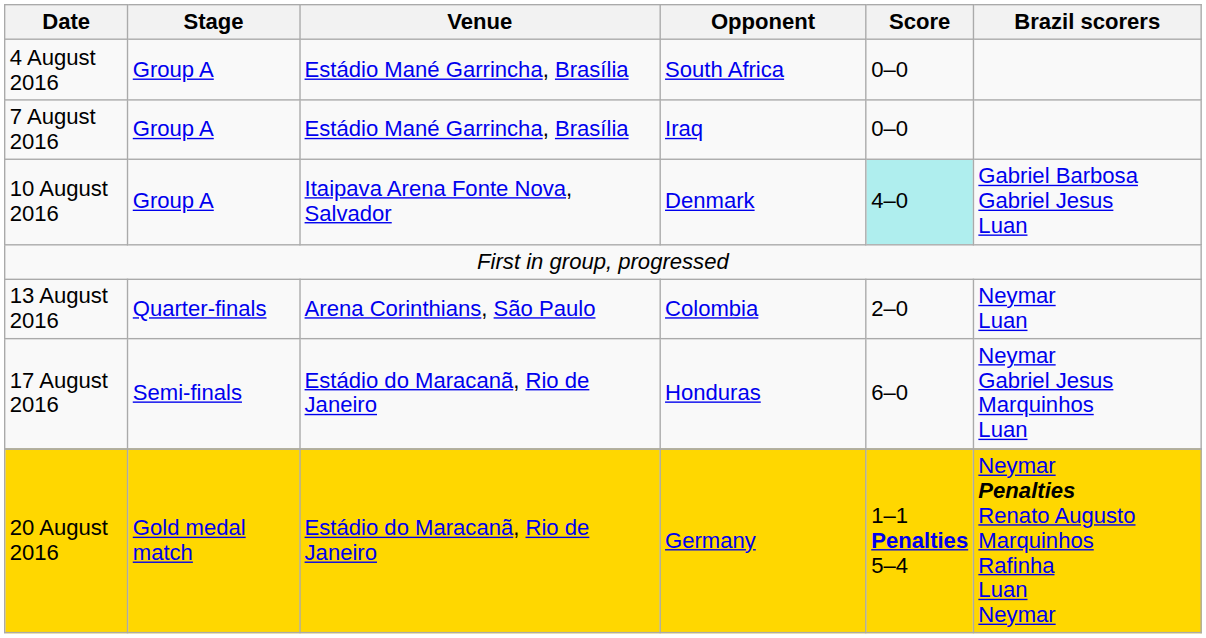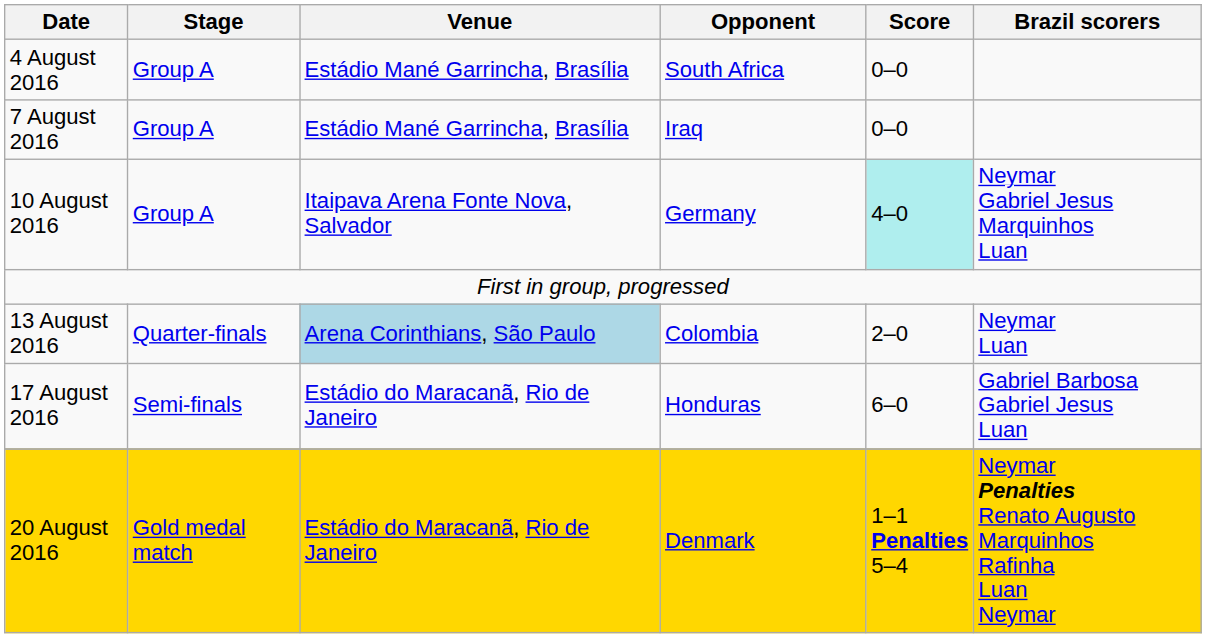 <table class="wikitable">
 <tr>
 <th width=100px>Date</th>
 <th width=150px>Stage</th>
 <th width=350px>Venue</th>
 <th width=180px>Opponent</th>
 <th width=70px>Score</th>
 <th width=200px>Brazil scorers</th>
 </tr>
 <tr>
 <td>4 August 2016</td>
 <td><a href='#'>Group A</a></td>
 <td><a href='#'>Estádio Mané Garrincha</a>, <a href='#'>Brasília</a></td>
 <td> <a href='#'>South Africa</a></td>
 <td>0–0</td>
 <td></td>
 </tr>
 <tr>
 <td>7 August 2016</td>
 <td><a href='#'>Group A</a></td>
 <td><a href='#'>Estádio Mané Garrincha</a>, <a href='#'>Brasília</a></td>
 <td> <a href='#'>Iraq</a></td>
 <td>0–0</td>
 <td></td>
 </tr>
 <tr>
 <td>10 August 2016</td>
 <td><a href='#'>Group A</a></td>
 <td><a href='#'>Itaipava Arena Fonte Nova</a>, <a href='#'>Salvador</a></td>
-<td> <a href='#'>Denmark</a></td>
+<td> <a href='#'>Germany</a></td>
 <td style="background: paleturquoise;">4–0</td>
-<td><a href='#'>Gabriel Barbosa</a>  <br> <a href='#'>Gabriel Jesus</a>  <br> <a href='#'>Luan</a>  </td>
+<td><a href='#'>Neymar</a> <br> <a href='#'>Gabriel Jesus</a>   <br> <a href='#'>Marquinhos</a>   <br> <a href='#'>Luan</a>  </td>
 </tr>
 <tr>
 <td colspan="6" style="text-align:center;"><em>First in group, progressed</em></td>
 </tr>
 <tr>
 <td>13 August 2016</td>
 <td><a href='#'>Quarter-finals</a></td>
-<td><a href='#'>Arena Corinthians</a>, <a href='#'>São Paulo</a></td>
+<td style="background: lightblue;"><a href='#'>Arena Corinthians</a>, <a href='#'>São Paulo</a></td>
 <td> <a href='#'>Colombia</a></td>
 <td>2–0</td>
 <td><a href='#'>Neymar</a>  <br> <a href='#'>Luan</a> </td>
 </tr>
 <tr>
 <td>17 August 2016</td>
 <td><a href='#'>Semi-finals</a></td>
 <td><a href='#'>Estádio do Maracanã</a>, <a href='#'>Rio de Janeiro</a></td>
 <td> <a href='#'>Honduras</a></td>
 <td>6–0</td>
-<td><a href='#'>Neymar</a> <br> <a href='#'>Gabriel Jesus</a>   <br> <a href='#'>Marquinhos</a>   <br> <a href='#'>Luan</a>  </td>
+<td><a href='#'>Gabriel Barbosa</a>  <br> <a href='#'>Gabriel Jesus</a>  <br> <a href='#'>Luan</a>  </td>
 </tr>
 <tr>
 </tr>
 <tr style="background:gold;">
 <td>20 August 2016</td>
 <td><a href='#'>Gold medal match</a></td>
 <td><a href='#'>Estádio do Maracanã</a>, <a href='#'>Rio de Janeiro</a></td>
-<td> <a href='#'>Germany</a></td>
+<td> <a href='#'>Denmark</a></td>
 <td>1–1  <br> <strong><a href='#'>Penalties</a></strong> <br> 5–4</td>
 <td><a href='#'>Neymar</a>  <br><strong><em>Penalties</em></strong> <br> <a href='#'>Renato Augusto</a>  <br> <a href='#'>Marquinhos</a>  <br> <a href='#'>Rafinha</a>  <br> <a href='#'>Luan</a>  <br> <a href='#'>Neymar</a> </td>
 </tr>
 </table>
